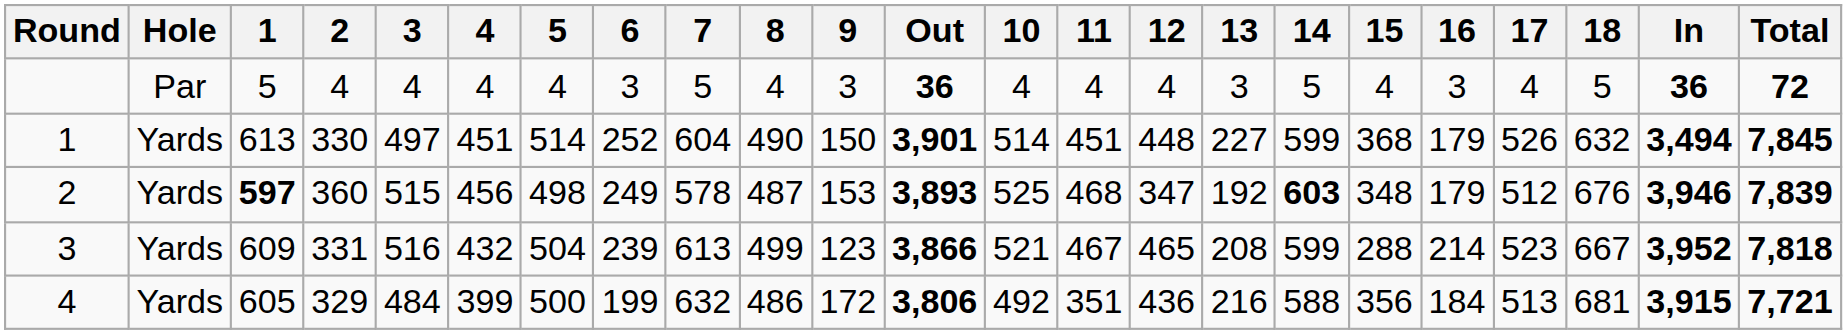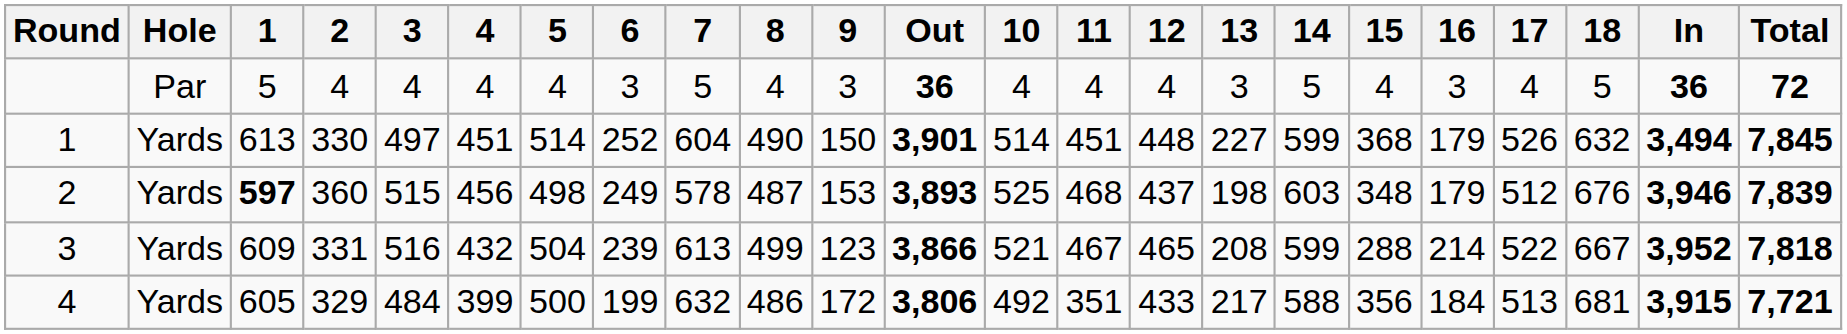 <table class="wikitable" style="text-align:center">
 <tr>
 <th>Round</th>
 <th align="left">Hole</th>
 <th>1</th>
 <th>2</th>
 <th>3</th>
 <th>4</th>
 <th>5</th>
 <th>6</th>
 <th>7</th>
 <th>8</th>
 <th>9</th>
 <th>Out</th>
 <th>10</th>
 <th>11</th>
 <th>12</th>
 <th>13</th>
 <th>14</th>
 <th>15</th>
 <th>16</th>
 <th>17</th>
 <th>18</th>
 <th>In</th>
 <th>Total</th>
 </tr>
 <tr>
 <td></td>
 <td>Par</td>
 <td>5</td>
 <td>4</td>
 <td>4</td>
 <td>4</td>
 <td>4</td>
 <td>3</td>
 <td>5</td>
 <td>4</td>
 <td>3</td>
 <td><strong>36</strong></td>
 <td>4</td>
 <td>4</td>
 <td>4</td>
 <td>3</td>
 <td>5</td>
 <td>4</td>
 <td>3</td>
 <td>4</td>
 <td>5</td>
 <td><strong>36</strong></td>
 <td><strong>72</strong></td>
 </tr>
 <tr>
 <td>1</td>
 <td align="left">Yards</td>
 <td>613</td>
 <td>330</td>
 <td>497</td>
 <td>451</td>
 <td>514</td>
 <td>252</td>
 <td>604</td>
 <td>490</td>
 <td>150</td>
 <td><strong>3,901</strong></td>
 <td>514</td>
 <td>451</td>
 <td>448</td>
 <td>227</td>
 <td>599</td>
 <td>368</td>
 <td>179</td>
 <td>526</td>
 <td>632</td>
 <td><strong>3,494</strong></td>
 <td><strong>7,845</strong></td>
 </tr>
 <tr>
 <td>2</td>
 <td align="left">Yards</td>
 <td><strong>597</strong></td>
 <td>360</td>
 <td>515</td>
 <td>456</td>
 <td>498</td>
 <td>249</td>
 <td>578</td>
 <td>487</td>
 <td>153</td>
 <td><strong>3,893</strong></td>
 <td>525</td>
 <td>468</td>
-<td>347</td>
-<td>192</td>
-<td><strong>603</strong></td>
+<td>437</td>
+<td>198</td>
+<td>603</td>
 <td>348</td>
 <td>179</td>
 <td>512</td>
 <td>676</td>
 <td><strong>3,946</strong></td>
 <td><strong>7,839</strong></td>
 </tr>
 <tr>
 <td>3</td>
 <td align="left">Yards</td>
 <td>609</td>
 <td>331</td>
 <td>516</td>
 <td>432</td>
 <td>504</td>
 <td>239</td>
 <td>613</td>
 <td>499</td>
 <td>123</td>
 <td><strong>3,866</strong></td>
 <td>521</td>
 <td>467</td>
 <td>465</td>
 <td>208</td>
 <td>599</td>
 <td>288</td>
 <td>214</td>
-<td>523</td>
+<td>522</td>
 <td>667</td>
 <td><strong>3,952</strong></td>
 <td><strong>7,818</strong></td>
 </tr>
 <tr>
 <td>4</td>
 <td align="left">Yards</td>
 <td>605</td>
 <td>329</td>
 <td>484</td>
 <td>399</td>
 <td>500</td>
 <td>199</td>
 <td>632</td>
 <td>486</td>
 <td>172</td>
 <td><strong>3,806</strong></td>
 <td>492</td>
 <td>351</td>
-<td>436</td>
-<td>216</td>
+<td>433</td>
+<td>217</td>
 <td>588</td>
 <td>356</td>
 <td>184</td>
 <td>513</td>
 <td>681</td>
 <td><strong>3,915</strong></td>
 <td><strong>7,721</strong></td>
 </tr>
 </table>
